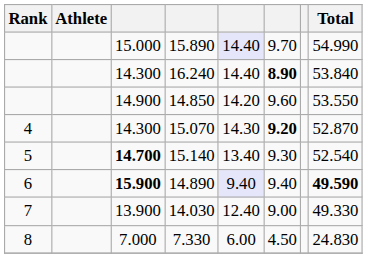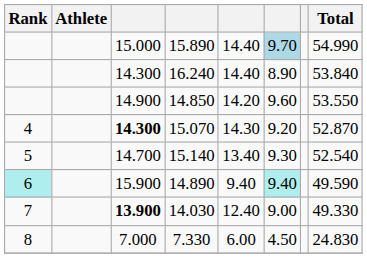 <table class="wikitable sortable" style="text-align:center; font-size:95%">
 <tr>
 <th>Rank</th>
 <th>Athlete</th>
 <th></th>
 <th></th>
 <th></th>
 <th></th>
 <th></th>
 <th>Total</th>
 </tr>
 <tr>
 <td></td>
 <td align=left></td>
 <td>15.000</td>
 <td>15.890</td>
-<td style="background: lavender;">14.40</td>
-<td>9.70</td>
+<td>14.40</td>
+<td style="background: lightblue;">9.70</td>
 <td></td>
 <td>54.990</td>
 </tr>
 <tr>
 <td></td>
 <td align=left></td>
 <td>14.300</td>
 <td>16.240</td>
 <td>14.40</td>
-<td><strong>8.90</strong></td>
+<td>8.90</td>
 <td></td>
 <td>53.840</td>
 </tr>
 <tr>
 <td></td>
 <td align=left></td>
 <td>14.900</td>
 <td>14.850</td>
 <td>14.20</td>
 <td>9.60</td>
 <td></td>
 <td>53.550</td>
 </tr>
 <tr>
 <td>4</td>
 <td align=left></td>
-<td>14.300</td>
+<td><strong>14.300</strong></td>
 <td>15.070</td>
 <td>14.30</td>
-<td><strong>9.20</strong></td>
+<td>9.20</td>
 <td></td>
 <td>52.870</td>
 </tr>
 <tr>
 <td>5</td>
 <td align=left></td>
-<td><strong>14.700</strong></td>
+<td>14.700</td>
 <td>15.140</td>
 <td>13.40</td>
 <td>9.30</td>
 <td></td>
 <td>52.540</td>
 </tr>
 <tr>
-<td>6</td>
+<td style="background: paleturquoise;">6</td>
 <td align=left></td>
-<td><strong>15.900</strong></td>
+<td>15.900</td>
 <td>14.890</td>
-<td style="background: lavender;">9.40</td>
 <td>9.40</td>
+<td style="background: paleturquoise;">9.40</td>
 <td></td>
-<td><strong>49.590</strong></td>
+<td>49.590</td>
 </tr>
 <tr>
 <td>7</td>
 <td align=left></td>
-<td>13.900</td>
+<td><strong>13.900</strong></td>
 <td>14.030</td>
 <td>12.40</td>
 <td>9.00</td>
 <td></td>
 <td>49.330</td>
 </tr>
 <tr>
 <td>8</td>
 <td align=left></td>
 <td>7.000</td>
 <td>7.330</td>
 <td>6.00</td>
 <td>4.50</td>
 <td></td>
 <td>24.830</td>
 </tr>
 <tr>
 </tr>
 </table>
